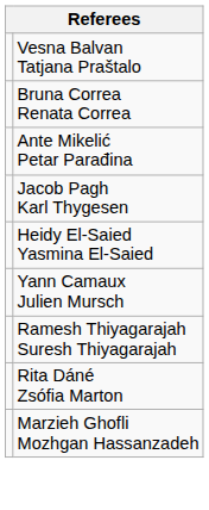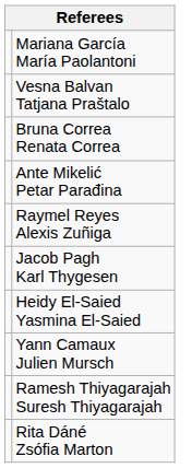 <table class="wikitable" style="display: inline-table;">
 <tr>
 <th colspan="2">Referees</th>
+</tr>
+<tr>
+<td></td>
+<td>Mariana García<br>María Paolantoni</td>
 </tr>
 <tr>
 <td></td>
 <td>Vesna Balvan<br>Tatjana Praštalo</td>
 </tr>
 <tr>
 <td></td>
 <td>Bruna Correa<br>Renata Correa</td>
 </tr>
 <tr>
 <td></td>
 <td>Ante Mikelić<br>Petar Parađina</td>
+</tr>
+<tr>
+<td></td>
+<td>Raymel Reyes<br>Alexis Zuñiga</td>
 </tr>
 <tr>
 <td></td>
 <td>Jacob Pagh<br>Karl Thygesen</td>
 </tr>
 <tr>
 <td></td>
 <td>Heidy El-Saied<br>Yasmina El-Saied</td>
 </tr>
 <tr>
 <td></td>
 <td>Yann Camaux<br>Julien Mursch</td>
 </tr>
 <tr>
 <td></td>
 <td>Ramesh Thiyagarajah<br>Suresh Thiyagarajah</td>
 </tr>
 <tr>
 <td></td>
 <td>Rita Dáné<br>Zsófia Marton</td>
 </tr>
-<tr>
-<td></td>
-<td>Marzieh Ghofli<br>Mozhgan Hassanzadeh</td>
-</tr>
 </table>
